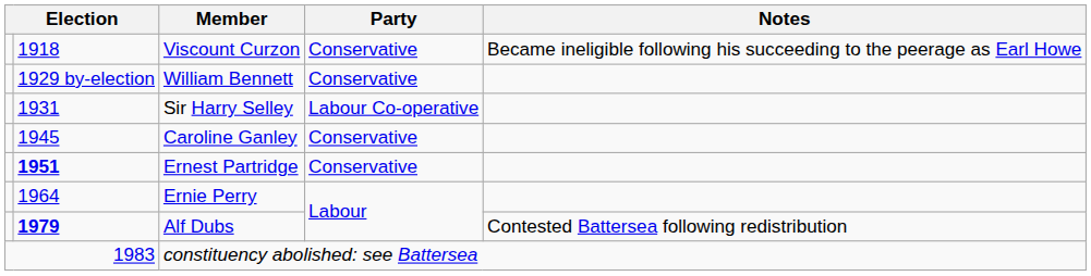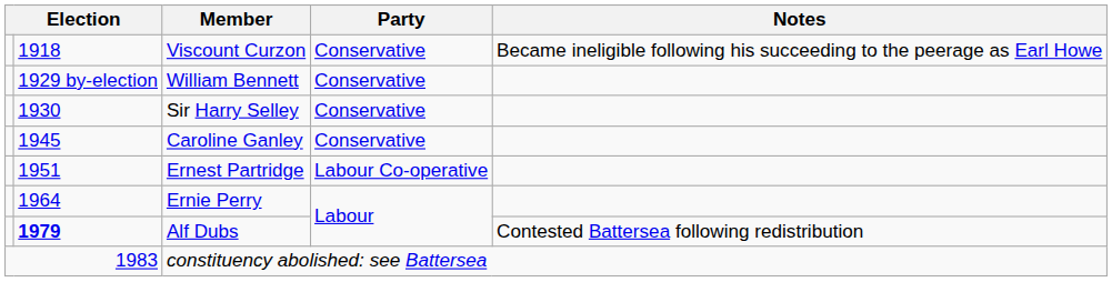 <table class="wikitable">
 <tr>
 <th colspan="2">Election</th>
 <th>Member</th>
 <th>Party</th>
 <th>Notes</th>
 </tr>
 <tr>
 <td style="color:inherit;background-color: "></td>
 <td><a href='#'>1918</a></td>
 <td><a href='#'>Viscount Curzon</a></td>
 <td><a href='#'>Conservative</a></td>
 <td>Became ineligible following his succeeding to the peerage as <a href='#'>Earl Howe</a></td>
 </tr>
 <tr>
 <td style="color:inherit;background-color: "></td>
 <td><a href='#'>1929 by-election</a></td>
 <td><a href='#'>William Bennett</a></td>
 <td><a href='#'>Conservative</a></td>
 <td></td>
 </tr>
 <tr>
 <td style="color:inherit;background-color: "></td>
-<td><a href='#'>1931</a></td>
+<td><a href='#'>1930</a></td>
 <td>Sir <a href='#'>Harry Selley</a></td>
-<td><a href='#'>Labour Co-operative</a></td>
+<td><a href='#'>Conservative</a></td>
 <td></td>
 </tr>
 <tr>
 <td style="color:inherit;background-color: "></td>
 <td><a href='#'>1945</a></td>
 <td><a href='#'>Caroline Ganley</a></td>
 <td><a href='#'>Conservative</a></td>
 <td></td>
 </tr>
 <tr>
 <td style="color:inherit;background-color: "></td>
-<td><strong><a href='#'>1951</a></strong></td>
+<td><a href='#'>1951</a></td>
 <td><a href='#'>Ernest Partridge</a></td>
-<td><a href='#'>Conservative</a></td>
+<td><a href='#'>Labour Co-operative</a></td>
 <td></td>
 </tr>
 <tr>
 <td style="color:inherit;background-color: "></td>
 <td><a href='#'>1964</a></td>
 <td><a href='#'>Ernie Perry</a></td>
 <td rowspan="2"><a href='#'>Labour</a></td>
 <td></td>
 </tr>
 <tr>
 <td style="color:inherit;background-color: "></td>
 <td><strong><a href='#'>1979</a></strong></td>
 <td><a href='#'>Alf Dubs</a></td>
 <td>Contested <a href='#'>Battersea</a> following redistribution</td>
 </tr>
 <tr>
 <td colspan="2" align="right"><a href='#'>1983</a></td>
 <td colspan="3"><em>constituency abolished: see <a href='#'>Battersea</a></em></td>
 </tr>
 </table>
